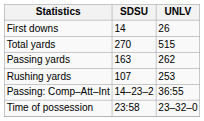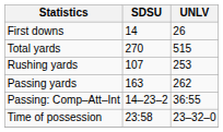 <table class="wikitable" style="float: left;">
 <tr>
 <th>Statistics</th>
 <th>SDSU</th>
 <th>UNLV</th>
 </tr>
 <tr>
 <td>First downs</td>
 <td>14</td>
 <td>26</td>
 </tr>
 <tr>
 <td>Total yards</td>
 <td>270</td>
 <td>515</td>
 </tr>
 <tr>
+<td>Rushing yards</td>
+<td>107</td>
+<td>253</td>
+</tr>
+<tr>
 <td>Passing yards</td>
 <td>163</td>
 <td>262</td>
-</tr>
-<tr>
-<td>Rushing yards</td>
-<td>107</td>
-<td>253</td>
 </tr>
 <tr>
 <td>Passing: Comp–Att–Int</td>
 <td>14–23–2</td>
 <td>36:55</td>
 </tr>
 <tr>
 <td>Time of possession</td>
 <td>23:58</td>
 <td>23–32–0</td>
 </tr>
 <tr>
 </tr>
 </table>
